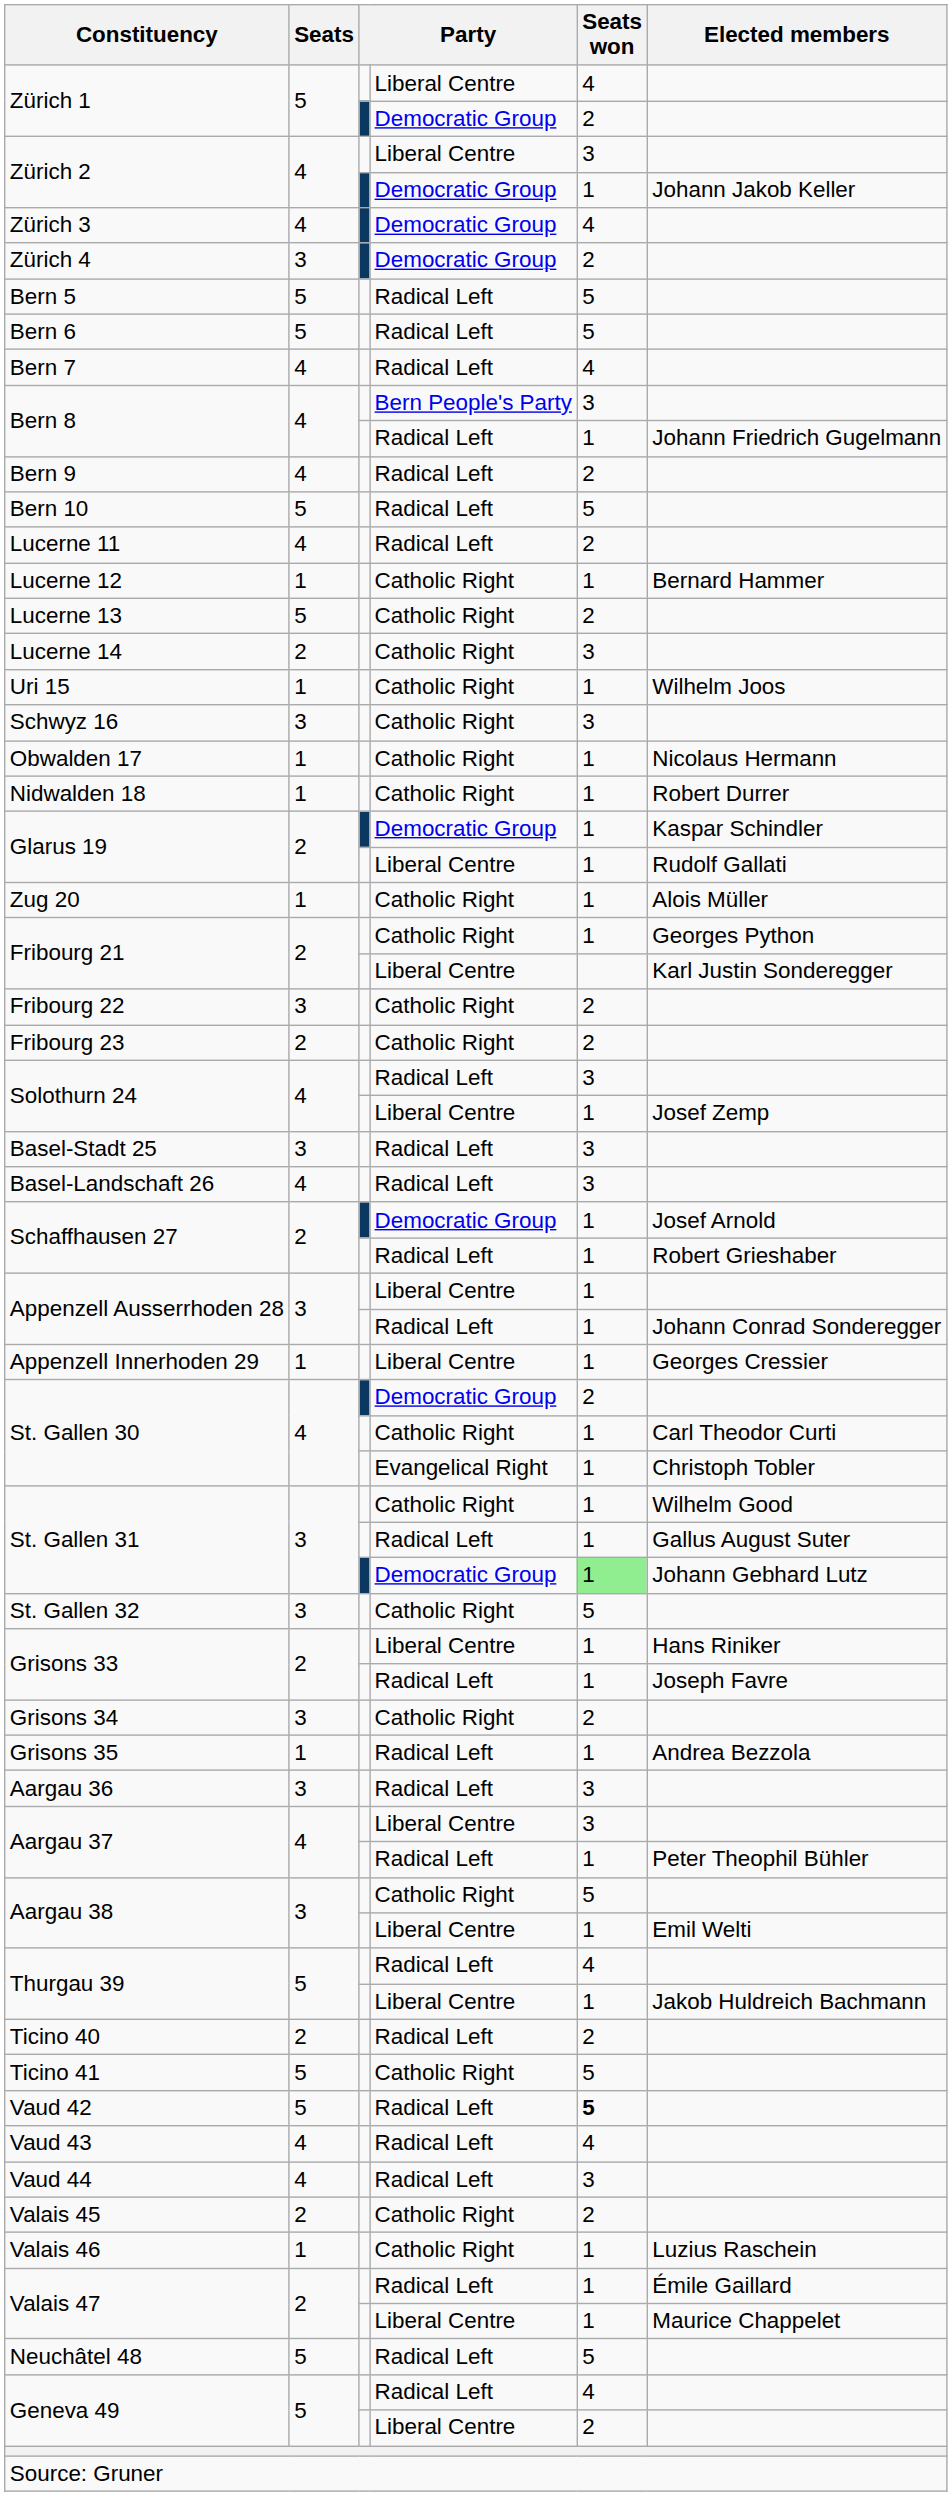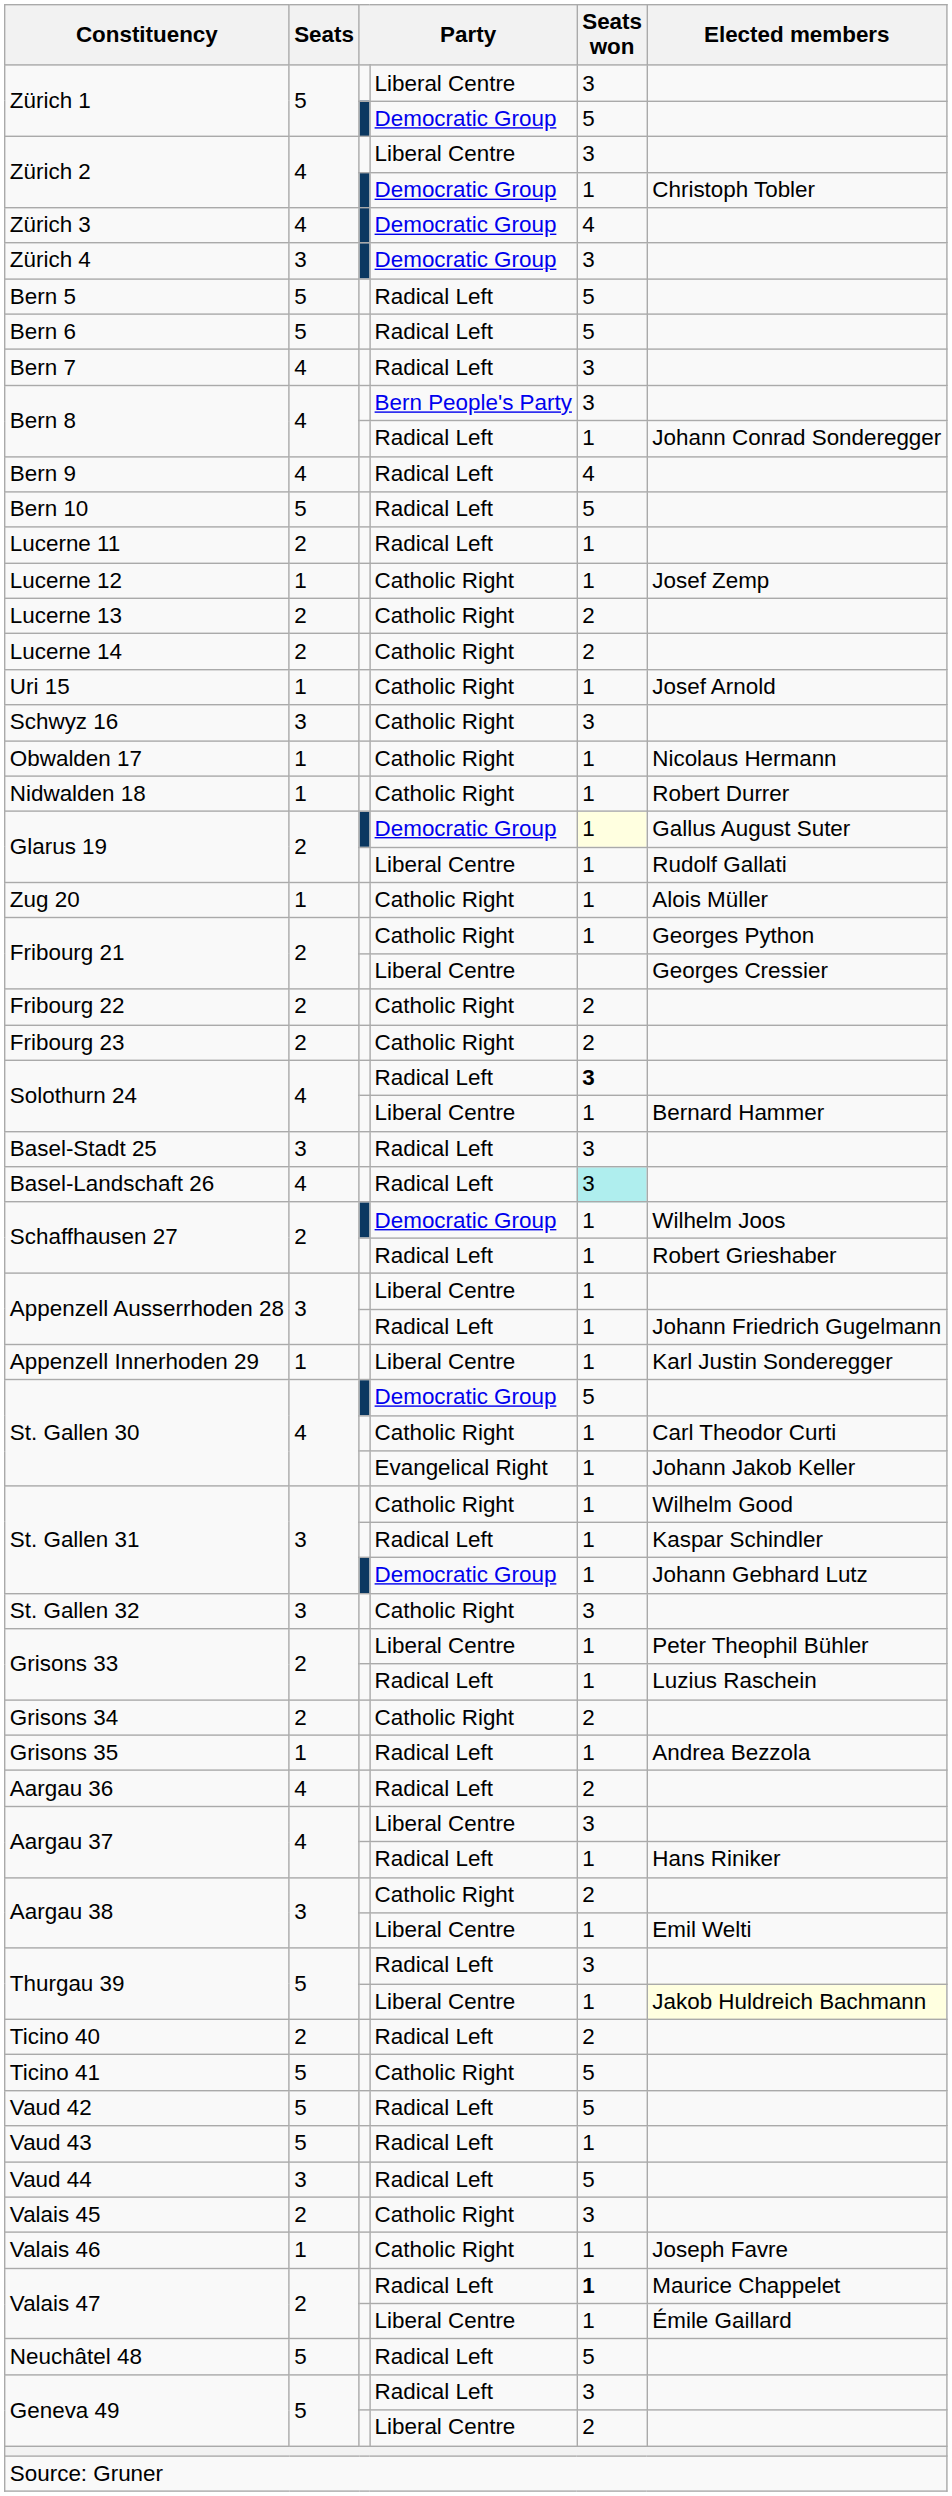 <table class="wikitable">
 <tr>
 <th>Constituency</th>
 <th>Seats</th>
 <th colspan="2">Party</th>
 <th>Seats<br>won</th>
 <th>Elected members</th>
 </tr>
 <tr>
 <td rowspan="2">Zürich 1</td>
 <td rowspan="2">5</td>
 <td style="color:inherit;background:"></td>
 <td>Liberal Centre</td>
-<td>4</td>
+<td>3</td>
 <td></td>
 </tr>
 <tr>
 <td style="color:inherit;background:#0B3861"></td>
 <td><a href='#'>Democratic Group</a></td>
-<td>2</td>
+<td>5</td>
 <td></td>
 </tr>
 <tr>
 <td rowspan="2">Zürich 2</td>
 <td rowspan="2">4</td>
 <td style="color:inherit;background:"></td>
 <td>Liberal Centre</td>
 <td>3</td>
 <td></td>
 </tr>
 <tr>
 <td style="color:inherit;background:#0B3861"></td>
 <td><a href='#'>Democratic Group</a></td>
 <td>1</td>
-<td>Johann Jakob Keller</td>
+<td>Christoph Tobler</td>
 </tr>
 <tr>
 <td>Zürich 3</td>
 <td>4</td>
 <td style="color:inherit;background:#0B3861"></td>
 <td><a href='#'>Democratic Group</a></td>
 <td>4</td>
 <td></td>
 </tr>
 <tr>
 <td>Zürich 4</td>
 <td>3</td>
 <td style="color:inherit;background:#0B3861"></td>
 <td><a href='#'>Democratic Group</a></td>
-<td>2</td>
+<td>3</td>
 <td></td>
 </tr>
 <tr>
 <td>Bern 5</td>
 <td>5</td>
 <td style="color:inherit;background:"></td>
 <td>Radical Left</td>
 <td>5</td>
 <td></td>
 </tr>
 <tr>
 <td>Bern 6</td>
 <td>5</td>
 <td style="color:inherit;background:"></td>
 <td>Radical Left</td>
 <td>5</td>
 <td></td>
 </tr>
 <tr>
 <td>Bern 7</td>
 <td>4</td>
 <td style="color:inherit;background:"></td>
 <td>Radical Left</td>
-<td>4</td>
+<td>3</td>
 <td></td>
 </tr>
 <tr>
 <td rowspan="2">Bern 8</td>
 <td rowspan="2">4</td>
 <td style="color:inherit;background:"></td>
 <td><a href='#'>Bern People's Party</a></td>
 <td>3</td>
 <td></td>
 </tr>
 <tr>
 <td style="color:inherit;background:"></td>
 <td>Radical Left</td>
 <td>1</td>
-<td>Johann Friedrich Gugelmann</td>
+<td>Johann Conrad Sonderegger</td>
 </tr>
 <tr>
 <td>Bern 9</td>
 <td>4</td>
 <td style="color:inherit;background:"></td>
 <td>Radical Left</td>
-<td>2</td>
+<td>4</td>
 <td></td>
 </tr>
 <tr>
 <td>Bern 10</td>
 <td>5</td>
 <td style="color:inherit;background:"></td>
 <td>Radical Left</td>
 <td>5</td>
 <td></td>
 </tr>
 <tr>
 <td>Lucerne 11</td>
-<td>4</td>
+<td>2</td>
 <td style="color:inherit;background:"></td>
 <td>Radical Left</td>
-<td>2</td>
+<td>1</td>
 <td></td>
 </tr>
 <tr>
 <td>Lucerne 12</td>
 <td>1</td>
 <td style="color:inherit;background:"></td>
 <td>Catholic Right</td>
 <td>1</td>
-<td>Bernard Hammer</td>
+<td>Josef Zemp</td>
 </tr>
 <tr>
 <td>Lucerne 13</td>
-<td>5</td>
+<td>2</td>
 <td style="color:inherit;background:"></td>
 <td>Catholic Right</td>
 <td>2</td>
 <td></td>
 </tr>
 <tr>
 <td>Lucerne 14</td>
 <td>2</td>
 <td style="color:inherit;background:"></td>
 <td>Catholic Right</td>
-<td>3</td>
+<td>2</td>
 <td></td>
 </tr>
 <tr>
 <td>Uri 15</td>
 <td>1</td>
 <td style="color:inherit;background:"></td>
 <td>Catholic Right</td>
 <td>1</td>
-<td>Wilhelm Joos</td>
+<td>Josef Arnold</td>
 </tr>
 <tr>
 <td>Schwyz 16</td>
 <td>3</td>
 <td style="color:inherit;background:"></td>
 <td>Catholic Right</td>
 <td>3</td>
 <td></td>
 </tr>
 <tr>
 <td>Obwalden 17</td>
 <td>1</td>
 <td style="color:inherit;background:"></td>
 <td>Catholic Right</td>
 <td>1</td>
 <td>Nicolaus Hermann</td>
 </tr>
 <tr>
 <td>Nidwalden 18</td>
 <td>1</td>
 <td style="color:inherit;background:"></td>
 <td>Catholic Right</td>
 <td>1</td>
 <td>Robert Durrer</td>
 </tr>
 <tr>
 <td rowspan="2">Glarus 19</td>
 <td rowspan="2">2</td>
 <td style="color:inherit;background:#0B3861"></td>
 <td><a href='#'>Democratic Group</a></td>
-<td>1</td>
-<td>Kaspar Schindler</td>
+<td style="background: lightyellow;">1</td>
+<td>Gallus August Suter</td>
 </tr>
 <tr>
 <td style="color:inherit;background:"></td>
 <td>Liberal Centre</td>
 <td>1</td>
 <td>Rudolf Gallati</td>
 </tr>
 <tr>
 <td>Zug 20</td>
 <td>1</td>
 <td style="color:inherit;background:"></td>
 <td>Catholic Right</td>
 <td>1</td>
 <td>Alois Müller</td>
 </tr>
 <tr>
 <td rowspan="2">Fribourg 21</td>
 <td rowspan="2">2</td>
 <td style="color:inherit;background:"></td>
 <td>Catholic Right</td>
 <td>1</td>
 <td>Georges Python</td>
 </tr>
 <tr>
 <td style="color:inherit;background:"></td>
 <td>Liberal Centre</td>
 <td></td>
-<td>Karl Justin Sonderegger</td>
+<td>Georges Cressier</td>
 </tr>
 <tr>
 <td>Fribourg 22</td>
-<td>3</td>
+<td>2</td>
 <td style="color:inherit;background:"></td>
 <td>Catholic Right</td>
 <td>2</td>
 <td></td>
 </tr>
 <tr>
 <td>Fribourg 23</td>
 <td>2</td>
 <td style="color:inherit;background:"></td>
 <td>Catholic Right</td>
 <td>2</td>
 <td></td>
 </tr>
 <tr>
 <td rowspan="2">Solothurn 24</td>
 <td rowspan="2">4</td>
 <td style="color:inherit;background:"></td>
 <td>Radical Left</td>
-<td>3</td>
+<td><strong>3</strong></td>
 <td></td>
 </tr>
 <tr>
 <td style="color:inherit;background:"></td>
 <td>Liberal Centre</td>
 <td>1</td>
-<td>Josef Zemp</td>
+<td>Bernard Hammer</td>
 </tr>
 <tr>
 <td>Basel-Stadt 25</td>
 <td>3</td>
 <td style="color:inherit;background:"></td>
 <td>Radical Left</td>
 <td>3</td>
 <td></td>
 </tr>
 <tr>
 <td>Basel-Landschaft 26</td>
 <td>4</td>
 <td style="color:inherit;background:"></td>
 <td>Radical Left</td>
-<td>3</td>
+<td style="background: paleturquoise;">3</td>
 <td></td>
 </tr>
 <tr>
 <td rowspan="2">Schaffhausen 27</td>
 <td rowspan="2">2</td>
 <td style="color:inherit;background:#0B3861"></td>
 <td><a href='#'>Democratic Group</a></td>
 <td>1</td>
-<td>Josef Arnold</td>
+<td>Wilhelm Joos</td>
 </tr>
 <tr>
 <td style="color:inherit;background:"></td>
 <td>Radical Left</td>
 <td>1</td>
 <td>Robert Grieshaber</td>
 </tr>
 <tr>
 <td rowspan="2">Appenzell Ausserrhoden 28</td>
 <td rowspan="2">3</td>
 <td style="color:inherit;background:"></td>
 <td>Liberal Centre</td>
 <td>1</td>
 <td></td>
 </tr>
 <tr>
 <td style="color:inherit;background:"></td>
 <td>Radical Left</td>
 <td>1</td>
-<td>Johann Conrad Sonderegger</td>
+<td>Johann Friedrich Gugelmann</td>
 </tr>
 <tr>
 <td>Appenzell Innerhoden 29</td>
 <td>1</td>
 <td style="color:inherit;background:"></td>
 <td>Liberal Centre</td>
 <td>1</td>
-<td>Georges Cressier</td>
+<td>Karl Justin Sonderegger</td>
 </tr>
 <tr>
 <td rowspan="3">St. Gallen 30</td>
 <td rowspan="3">4</td>
 <td style="color:inherit;background:#0B3861"></td>
 <td><a href='#'>Democratic Group</a></td>
-<td>2</td>
+<td>5</td>
 <td></td>
 </tr>
 <tr>
 <td style="color:inherit;background:"></td>
 <td>Catholic Right</td>
 <td>1</td>
 <td>Carl Theodor Curti</td>
 </tr>
 <tr>
 <td style="color:inherit;background:"></td>
 <td>Evangelical Right</td>
 <td>1</td>
-<td>Christoph Tobler</td>
+<td>Johann Jakob Keller</td>
 </tr>
 <tr>
 <td rowspan="3">St. Gallen 31</td>
 <td rowspan="3">3</td>
 <td style="color:inherit;background:"></td>
 <td>Catholic Right</td>
 <td>1</td>
 <td>Wilhelm Good</td>
 </tr>
 <tr>
 <td style="color:inherit;background:"></td>
 <td>Radical Left</td>
 <td>1</td>
-<td>Gallus August Suter</td>
+<td>Kaspar Schindler</td>
 </tr>
 <tr>
 <td style="color:inherit;background:#0B3861"></td>
 <td><a href='#'>Democratic Group</a></td>
-<td style="background: lightgreen;">1</td>
+<td>1</td>
 <td>Johann Gebhard Lutz</td>
 </tr>
 <tr>
 <td>St. Gallen 32</td>
 <td>3</td>
 <td style="color:inherit;background:"></td>
 <td>Catholic Right</td>
-<td>5</td>
+<td>3</td>
 <td></td>
 </tr>
 <tr>
 <td rowspan="2">Grisons 33</td>
 <td rowspan="2">2</td>
 <td style="color:inherit;background:"></td>
 <td>Liberal Centre</td>
 <td>1</td>
-<td>Hans Riniker</td>
+<td>Peter Theophil Bühler</td>
 </tr>
 <tr>
 <td style="color:inherit;background:"></td>
 <td>Radical Left</td>
 <td>1</td>
-<td>Joseph Favre</td>
+<td>Luzius Raschein</td>
 </tr>
 <tr>
 <td>Grisons 34</td>
-<td>3</td>
+<td>2</td>
 <td style="color:inherit;background:"></td>
 <td>Catholic Right</td>
 <td>2</td>
 <td></td>
 </tr>
 <tr>
 <td>Grisons 35</td>
 <td>1</td>
 <td style="color:inherit;background:"></td>
 <td>Radical Left</td>
 <td>1</td>
 <td>Andrea Bezzola</td>
 </tr>
 <tr>
 <td>Aargau 36</td>
-<td>3</td>
+<td>4</td>
 <td style="color:inherit;background:"></td>
 <td>Radical Left</td>
-<td>3</td>
+<td>2</td>
 <td></td>
 </tr>
 <tr>
 <td rowspan="2">Aargau 37</td>
 <td rowspan="2">4</td>
 <td style="color:inherit;background:"></td>
 <td>Liberal Centre</td>
 <td>3</td>
 <td></td>
 </tr>
 <tr>
 <td style="color:inherit;background:"></td>
 <td>Radical Left</td>
 <td>1</td>
-<td>Peter Theophil Bühler</td>
+<td>Hans Riniker</td>
 </tr>
 <tr>
 <td rowspan="2">Aargau 38</td>
 <td rowspan="2">3</td>
 <td style="color:inherit;background:"></td>
 <td>Catholic Right</td>
-<td>5</td>
+<td>2</td>
 <td></td>
 </tr>
 <tr>
 <td style="color:inherit;background:"></td>
 <td>Liberal Centre</td>
 <td>1</td>
 <td>Emil Welti</td>
 </tr>
 <tr>
 <td rowspan="2">Thurgau 39</td>
 <td rowspan="2">5</td>
 <td style="color:inherit;background:"></td>
 <td>Radical Left</td>
-<td>4</td>
+<td>3</td>
 <td></td>
 </tr>
 <tr>
 <td style="color:inherit;background:"></td>
 <td>Liberal Centre</td>
 <td>1</td>
-<td>Jakob Huldreich Bachmann</td>
+<td style="background: lightyellow;">Jakob Huldreich Bachmann</td>
 </tr>
 <tr>
 <td>Ticino 40</td>
 <td>2</td>
 <td style="color:inherit;background:"></td>
 <td>Radical Left</td>
 <td>2</td>
 <td></td>
 </tr>
 <tr>
 <td>Ticino 41</td>
 <td>5</td>
 <td style="color:inherit;background:"></td>
 <td>Catholic Right</td>
 <td>5</td>
 <td></td>
 </tr>
 <tr>
 <td>Vaud 42</td>
 <td>5</td>
 <td style="color:inherit;background:"></td>
 <td>Radical Left</td>
-<td><strong>5</strong></td>
+<td>5</td>
 <td></td>
 </tr>
 <tr>
 <td>Vaud 43</td>
-<td>4</td>
+<td>5</td>
 <td style="color:inherit;background:"></td>
 <td>Radical Left</td>
-<td>4</td>
+<td>1</td>
 <td></td>
 </tr>
 <tr>
 <td>Vaud 44</td>
-<td>4</td>
+<td>3</td>
 <td style="color:inherit;background:"></td>
 <td>Radical Left</td>
-<td>3</td>
+<td>5</td>
 <td></td>
 </tr>
 <tr>
 <td>Valais 45</td>
 <td>2</td>
 <td style="color:inherit;background:"></td>
 <td>Catholic Right</td>
-<td>2</td>
+<td>3</td>
 <td></td>
 </tr>
 <tr>
 <td>Valais 46</td>
 <td>1</td>
 <td style="color:inherit;background:"></td>
 <td>Catholic Right</td>
 <td>1</td>
-<td>Luzius Raschein</td>
+<td>Joseph Favre</td>
 </tr>
 <tr>
 <td rowspan="2">Valais 47</td>
 <td rowspan="2">2</td>
 <td style="color:inherit;background:"></td>
 <td>Radical Left</td>
-<td>1</td>
-<td>Émile Gaillard</td>
+<td><strong>1</strong></td>
+<td>Maurice Chappelet</td>
 </tr>
 <tr>
 <td style="color:inherit;background:"></td>
 <td>Liberal Centre</td>
 <td>1</td>
-<td>Maurice Chappelet</td>
+<td>Émile Gaillard</td>
 </tr>
 <tr>
 <td>Neuchâtel 48</td>
 <td>5</td>
 <td style="color:inherit;background:"></td>
 <td>Radical Left</td>
 <td>5</td>
 <td></td>
 </tr>
 <tr>
 <td rowspan="2">Geneva 49</td>
 <td rowspan="2">5</td>
 <td style="color:inherit;background:"></td>
 <td>Radical Left</td>
-<td>4</td>
+<td>3</td>
 <td></td>
 </tr>
 <tr>
 <td style="color:inherit;background:"></td>
 <td>Liberal Centre</td>
 <td>2</td>
 <td></td>
 </tr>
 <tr>
 <th colspan="6"></th>
 </tr>
 <tr>
 <td colspan="6">Source: Gruner</td>
 </tr>
 </table>
